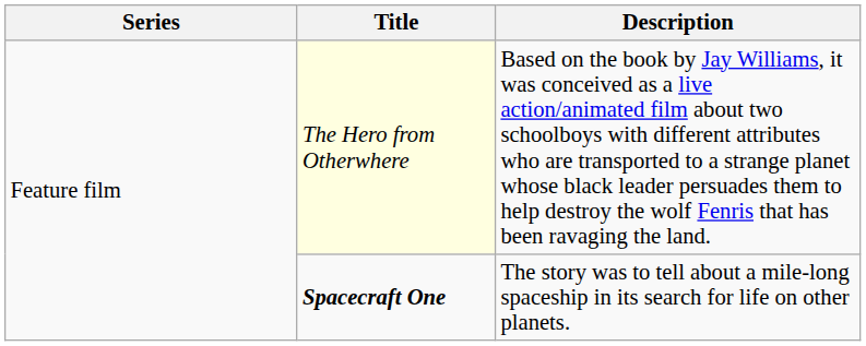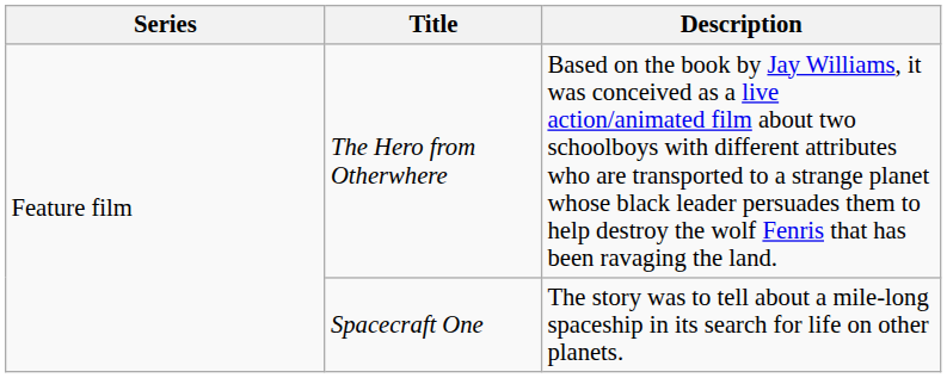 <table class="wikitable">
 <tr>
 <th style="width:150pt;">Series</th>
 <th style="width:100pt;">Title</th>
 <th>Description</th>
 </tr>
 <tr>
 <td rowspan="2">Feature film</td>
-<td style="background: lightyellow;"><em>The Hero from Otherwhere</em></td>
+<td><em>The Hero from Otherwhere</em></td>
 <td>Based on the book by <a href='#'>Jay Williams</a>, it was conceived as a <a href='#'>live action/animated film</a> about two schoolboys with different attributes who are transported to a strange planet whose black leader persuades them to help destroy the wolf <a href='#'>Fenris</a> that has been ravaging the land.</td>
 </tr>
 <tr>
-<td><strong><em>Spacecraft One</em></strong></td>
+<td><em>Spacecraft One</em></td>
 <td>The story was to tell about a mile-long spaceship in its search for life on other planets.</td>
 </tr>
 </table>
